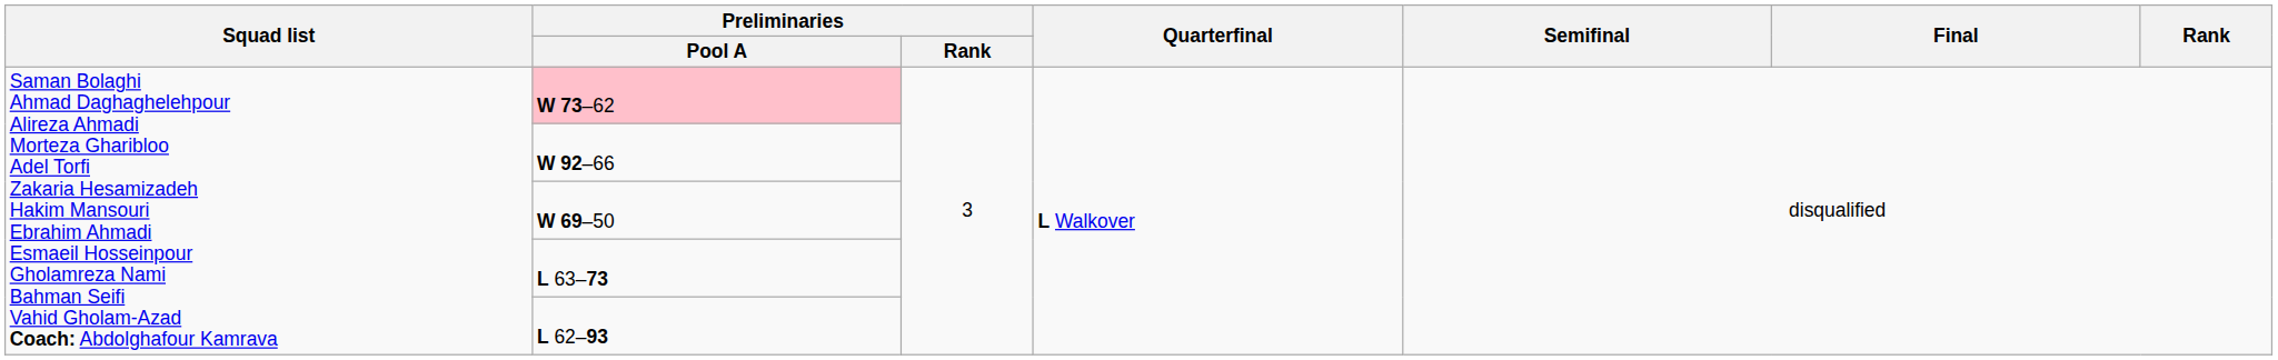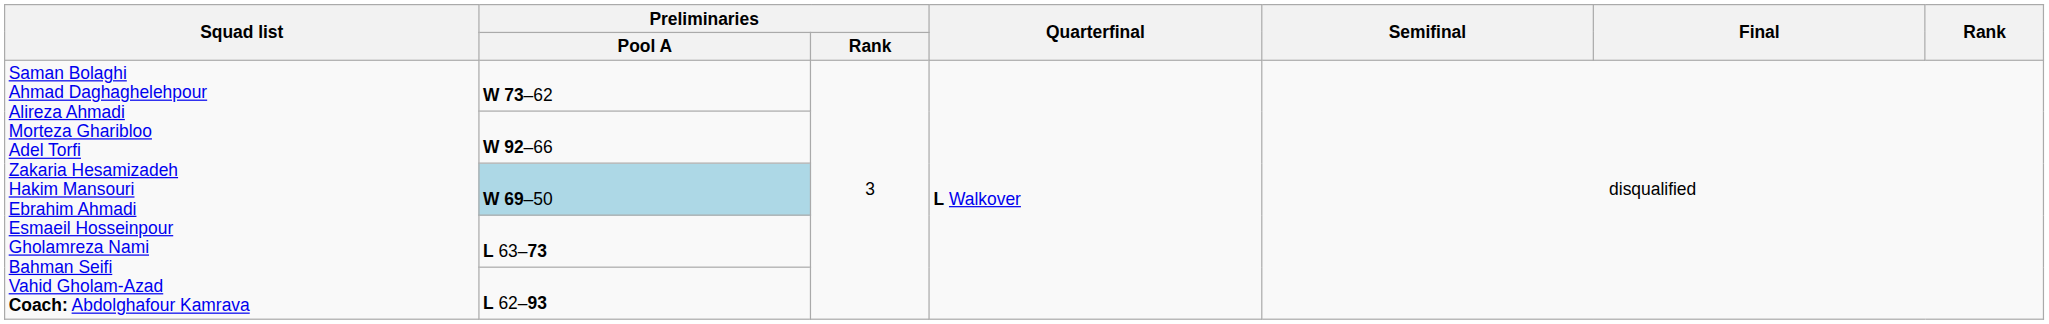 <table class="wikitable" width="85%" style="text-align:left; font-size:90%">
 <tr>
 <th rowspan="2" width="20%">Squad list</th>
 <th colspan="2">Preliminaries</th>
 <th rowspan="2" width="14%">Quarterfinal</th>
 <th rowspan="2" width="14%">Semifinal</th>
 <th rowspan="2" width="14%">Final</th>
 <th rowspan="2" width="5%">Rank</th>
 </tr>
 <tr>
 <th width="14%">Pool A</th>
 <th width="5%">Rank</th>
 </tr>
 <tr>
 <td rowspan="5"><a href='#'>Saman Bolaghi</a><br> <a href='#'>Ahmad Daghaghelehpour</a><br> <a href='#'>Alireza Ahmadi</a><br> <a href='#'>Morteza Gharibloo</a><br> <a href='#'>Adel Torfi</a><br> <a href='#'>Zakaria Hesamizadeh</a><br> <a href='#'>Hakim Mansouri</a><br> <a href='#'>Ebrahim Ahmadi</a><br> <a href='#'>Esmaeil Hosseinpour</a><br> <a href='#'>Gholamreza Nami</a><br> <a href='#'>Bahman Seifi</a><br> <a href='#'>Vahid Gholam-Azad</a><br> <strong>Coach:</strong> <a href='#'>Abdolghafour Kamrava</a></td>
-<td style="background: pink;"><br><strong>W</strong> <strong>73</strong>–62</td>
+<td><br><strong>W</strong> <strong>73</strong>–62</td>
 <td rowspan="5" align=center>3 <strong></strong></td>
 <td rowspan="5"><br><strong>L</strong> <a href='#'>Walkover</a></td>
 <td rowspan="5" colspan="3" align="center">disqualified</td>
 </tr>
 <tr>
 <td><br><strong>W</strong> <strong>92</strong>–66</td>
 </tr>
 <tr>
-<td><br><strong>W</strong> <strong>69</strong>–50</td>
+<td style="background: lightblue;"><br><strong>W</strong> <strong>69</strong>–50</td>
 </tr>
 <tr>
 <td><br><strong>L</strong> 63–<strong>73</strong></td>
 </tr>
 <tr>
 <td><br><strong>L</strong> 62–<strong>93</strong></td>
 </tr>
 </table>
